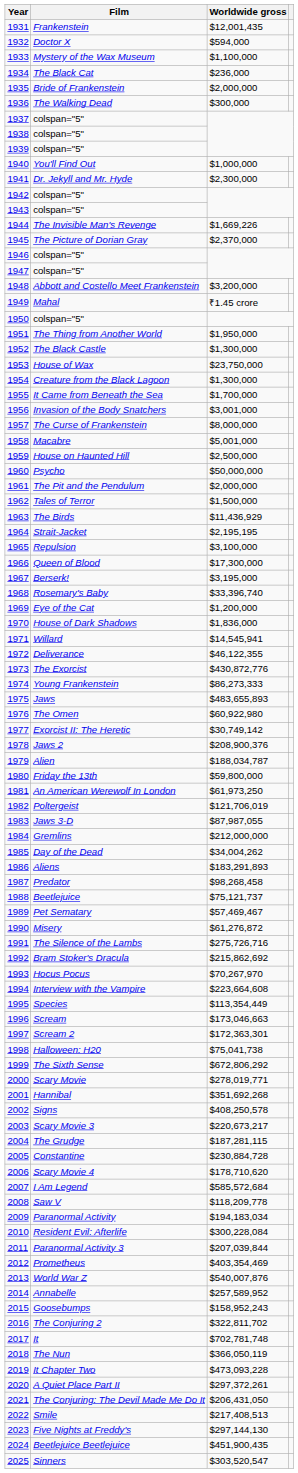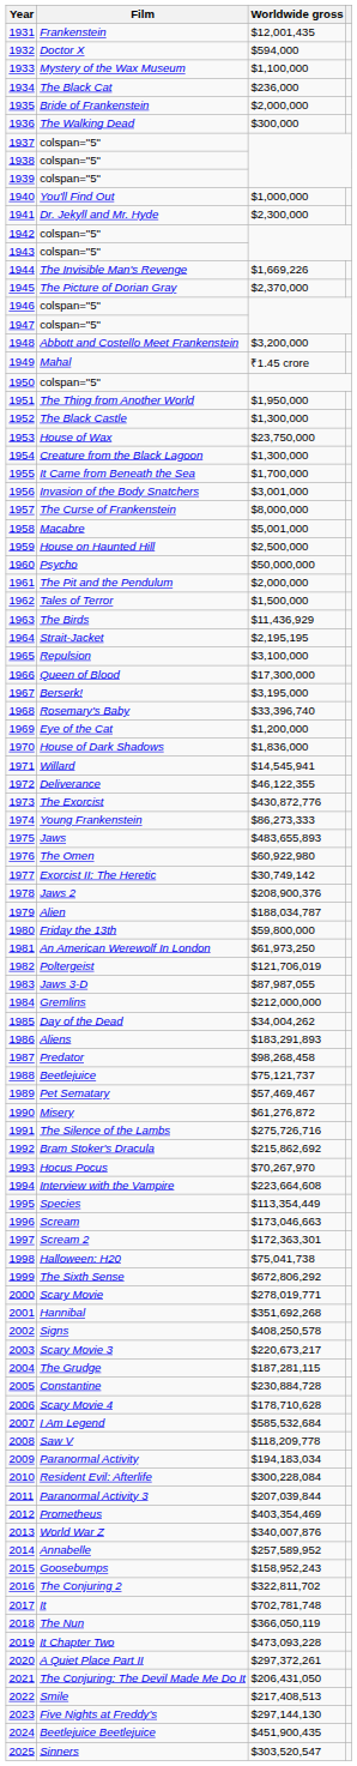 <table class="wikitable plainrowheaders" style="margin:auto; margin:auto;">
 <tr>
 <th>Year</th>
 <th>Film</th>
 <th>Worldwide gross</th>
 <th></th>
 </tr>
 <tr>
 <td><a href='#'>1931</a></td>
 <td><em><a href='#'>Frankenstein</a></em></td>
 <td>$12,001,435</td>
 <td></td>
 </tr>
 <tr>
 <td><a href='#'>1932</a></td>
 <td><em><a href='#'>Doctor X</a></em></td>
 <td>$594,000</td>
 <td></td>
 </tr>
 <tr>
 <td><a href='#'>1933</a></td>
 <td><em><a href='#'>Mystery of the Wax Museum</a></em></td>
 <td>$1,100,000</td>
 <td></td>
 </tr>
 <tr>
 <td><a href='#'>1934</a></td>
 <td><em><a href='#'>The Black Cat</a></em></td>
 <td>$236,000</td>
 <td></td>
 </tr>
 <tr>
 <td><a href='#'>1935</a></td>
 <td><em><a href='#'>Bride of Frankenstein</a></em></td>
 <td>$2,000,000</td>
 <td></td>
 </tr>
 <tr>
 <td><a href='#'>1936</a></td>
 <td><em><a href='#'>The Walking Dead</a></em></td>
 <td>$300,000</td>
 <td></td>
 </tr>
 <tr>
 <td><a href='#'>1937</a></td>
 <td>colspan="5" </td>
 </tr>
 <tr>
 <td><a href='#'>1938</a></td>
 <td>colspan="5" </td>
 </tr>
 <tr>
 <td><a href='#'>1939</a></td>
 <td>colspan="5" </td>
 </tr>
 <tr>
 <td><a href='#'>1940</a></td>
 <td><em><a href='#'>You'll Find Out</a></em></td>
 <td>$1,000,000</td>
 <td></td>
 </tr>
 <tr>
 <td><a href='#'>1941</a></td>
 <td><em><a href='#'>Dr. Jekyll and Mr. Hyde</a></em></td>
 <td>$2,300,000</td>
 <td></td>
 </tr>
 <tr>
 <td><a href='#'>1942</a></td>
 <td>colspan="5" </td>
 </tr>
 <tr>
 <td><a href='#'>1943</a></td>
 <td>colspan="5" </td>
 </tr>
 <tr>
 <td><a href='#'>1944</a></td>
 <td><em><a href='#'>The Invisible Man's Revenge</a></em></td>
 <td>$1,669,226</td>
 <td></td>
 </tr>
 <tr>
 <td><a href='#'>1945</a></td>
 <td><em><a href='#'>The Picture of Dorian Gray</a></em></td>
 <td>$2,370,000</td>
 <td></td>
 </tr>
 <tr>
 <td><a href='#'>1946</a></td>
 <td>colspan="5" </td>
 </tr>
 <tr>
 <td><a href='#'>1947</a></td>
 <td>colspan="5" </td>
 </tr>
 <tr>
 <td><a href='#'>1948</a></td>
 <td><em><a href='#'>Abbott and Costello Meet Frankenstein</a></em></td>
 <td>$3,200,000</td>
 <td></td>
 </tr>
 <tr>
 <td><a href='#'>1949</a></td>
 <td><em><a href='#'>Mahal</a></em></td>
 <td>₹1.45 crore</td>
 <td></td>
 </tr>
 <tr>
 <td><a href='#'>1950</a></td>
 <td>colspan="5" </td>
 </tr>
 <tr>
 <td><a href='#'>1951</a></td>
 <td><em><a href='#'>The Thing from Another World</a></em></td>
 <td>$1,950,000</td>
 <td></td>
 </tr>
 <tr>
 <td><a href='#'>1952</a></td>
 <td><em><a href='#'>The Black Castle</a></em></td>
 <td>$1,300,000</td>
 <td></td>
 </tr>
 <tr>
 <td><a href='#'>1953</a></td>
 <td><em><a href='#'>House of Wax</a></em></td>
 <td>$23,750,000</td>
 <td></td>
 </tr>
 <tr>
 <td><a href='#'>1954</a></td>
 <td><em><a href='#'>Creature from the Black Lagoon</a></em></td>
 <td>$1,300,000</td>
 <td></td>
 </tr>
 <tr>
 <td><a href='#'>1955</a></td>
 <td><em><a href='#'>It Came from Beneath the Sea</a></em></td>
 <td>$1,700,000</td>
 <td></td>
 </tr>
 <tr>
 <td><a href='#'>1956</a></td>
 <td><em><a href='#'>Invasion of the Body Snatchers</a></em></td>
 <td>$3,001,000</td>
 <td></td>
 </tr>
 <tr>
 <td><a href='#'>1957</a></td>
 <td><em><a href='#'>The Curse of Frankenstein</a></em></td>
 <td>$8,000,000</td>
 <td></td>
 </tr>
 <tr>
 <td><a href='#'>1958</a></td>
 <td><em><a href='#'>Macabre</a></em></td>
 <td>$5,001,000</td>
 <td></td>
 </tr>
 <tr>
 <td><a href='#'>1959</a></td>
 <td><em><a href='#'>House on Haunted Hill</a></em></td>
 <td>$2,500,000</td>
 <td></td>
 </tr>
 <tr>
 <td><a href='#'>1960</a></td>
 <td><em><a href='#'>Psycho</a></em></td>
 <td>$50,000,000</td>
 <td></td>
 </tr>
 <tr>
 <td><a href='#'>1961</a></td>
 <td><em><a href='#'>The Pit and the Pendulum</a></em></td>
 <td>$2,000,000</td>
 <td></td>
 </tr>
 <tr>
 <td><a href='#'>1962</a></td>
 <td><em><a href='#'>Tales of Terror</a></em></td>
 <td>$1,500,000</td>
 <td></td>
 </tr>
 <tr>
 <td><a href='#'>1963</a></td>
 <td><em><a href='#'>The Birds</a></em></td>
 <td>$11,436,929</td>
 <td></td>
 </tr>
 <tr>
 <td><a href='#'>1964</a></td>
 <td><em><a href='#'>Strait-Jacket</a></em></td>
 <td>$2,195,195</td>
 <td></td>
 </tr>
 <tr>
 <td><a href='#'>1965</a></td>
 <td><em><a href='#'>Repulsion</a></em></td>
 <td>$3,100,000</td>
 <td></td>
 </tr>
 <tr>
 <td><a href='#'>1966</a></td>
 <td><em><a href='#'>Queen of Blood</a></em></td>
 <td>$17,300,000</td>
 <td></td>
 </tr>
 <tr>
 <td><a href='#'>1967</a></td>
 <td><em><a href='#'>Berserk!</a></em></td>
 <td>$3,195,000</td>
 <td></td>
 </tr>
 <tr>
 <td><a href='#'>1968</a></td>
 <td><em><a href='#'>Rosemary's Baby</a></em></td>
 <td>$33,396,740</td>
 <td></td>
 </tr>
 <tr>
 <td><a href='#'>1969</a></td>
 <td><em><a href='#'>Eye of the Cat</a></em></td>
 <td>$1,200,000</td>
 <td></td>
 </tr>
 <tr>
 <td><a href='#'>1970</a></td>
 <td><em><a href='#'>House of Dark Shadows</a></em></td>
 <td>$1,836,000</td>
 <td></td>
 </tr>
 <tr>
 <td><a href='#'>1971</a></td>
 <td><em><a href='#'>Willard</a></em></td>
 <td>$14,545,941</td>
 <td></td>
 </tr>
 <tr>
 <td><a href='#'>1972</a></td>
 <td><em><a href='#'>Deliverance</a></em></td>
 <td>$46,122,355</td>
 <td></td>
 </tr>
 <tr>
 <td><a href='#'>1973</a></td>
 <td><em><a href='#'>The Exorcist</a></em></td>
 <td>$430,872,776</td>
 <td></td>
 </tr>
 <tr>
 <td><a href='#'>1974</a></td>
 <td><em><a href='#'>Young Frankenstein</a></em></td>
 <td>$86,273,333</td>
 <td></td>
 </tr>
 <tr>
 <td><a href='#'>1975</a></td>
 <td><em><a href='#'>Jaws</a></em></td>
 <td>$483,655,893</td>
 <td></td>
 </tr>
 <tr>
 <td><a href='#'>1976</a></td>
 <td><em><a href='#'>The Omen</a></em></td>
 <td>$60,922,980</td>
 <td></td>
 </tr>
 <tr>
 <td><a href='#'>1977</a></td>
 <td><em><a href='#'>Exorcist II: The Heretic</a></em></td>
 <td>$30,749,142</td>
 <td></td>
 </tr>
 <tr>
 <td><a href='#'>1978</a></td>
 <td><em><a href='#'>Jaws 2</a></em></td>
 <td>$208,900,376</td>
 <td></td>
 </tr>
 <tr>
 <td><a href='#'>1979</a></td>
 <td><em><a href='#'>Alien</a></em></td>
 <td>$188,034,787</td>
 <td></td>
 </tr>
 <tr>
 <td><a href='#'>1980</a></td>
 <td><em><a href='#'>Friday the 13th</a></em></td>
 <td>$59,800,000</td>
 <td></td>
 </tr>
 <tr>
 <td><a href='#'>1981</a></td>
 <td><em><a href='#'>An American Werewolf In London</a></em></td>
 <td>$61,973,250</td>
 <td></td>
 </tr>
 <tr>
 <td><a href='#'>1982</a></td>
 <td><em><a href='#'>Poltergeist</a></em></td>
 <td>$121,706,019</td>
 <td></td>
 </tr>
 <tr>
 <td><a href='#'>1983</a></td>
 <td><em><a href='#'>Jaws 3-D</a></em></td>
 <td>$87,987,055</td>
 <td></td>
 </tr>
 <tr>
 <td><a href='#'>1984</a></td>
 <td><em><a href='#'>Gremlins</a></em></td>
 <td>$212,000,000</td>
 <td></td>
 </tr>
 <tr>
 <td><a href='#'>1985</a></td>
 <td><em><a href='#'>Day of the Dead</a></em></td>
 <td>$34,004,262</td>
 <td></td>
 </tr>
 <tr>
 <td><a href='#'>1986</a></td>
 <td><em><a href='#'>Aliens</a></em></td>
 <td>$183,291,893</td>
 <td></td>
 </tr>
 <tr>
 <td><a href='#'>1987</a></td>
 <td><em><a href='#'>Predator</a></em></td>
 <td>$98,268,458</td>
 <td></td>
 </tr>
 <tr>
 <td><a href='#'>1988</a></td>
 <td><em><a href='#'>Beetlejuice</a></em></td>
 <td>$75,121,737</td>
 <td></td>
 </tr>
 <tr>
 <td><a href='#'>1989</a></td>
 <td><em><a href='#'>Pet Sematary</a></em></td>
 <td>$57,469,467</td>
 <td></td>
 </tr>
 <tr>
 <td><a href='#'>1990</a></td>
 <td><em><a href='#'>Misery</a></em></td>
 <td>$61,276,872</td>
 <td></td>
 </tr>
 <tr>
 <td><a href='#'>1991</a></td>
 <td><em><a href='#'>The Silence of the Lambs</a></em></td>
 <td>$275,726,716</td>
 <td></td>
 </tr>
 <tr>
 <td><a href='#'>1992</a></td>
 <td><em><a href='#'>Bram Stoker's Dracula</a></em></td>
 <td>$215,862,692</td>
 <td></td>
 </tr>
 <tr>
 <td><a href='#'>1993</a></td>
 <td><em><a href='#'>Hocus Pocus</a></em></td>
 <td>$70,267,970</td>
 <td></td>
 </tr>
 <tr>
 <td><a href='#'>1994</a></td>
 <td><em><a href='#'>Interview with the Vampire</a></em></td>
 <td>$223,664,608</td>
 <td></td>
 </tr>
 <tr>
 <td><a href='#'>1995</a></td>
 <td><em><a href='#'>Species</a></em></td>
 <td>$113,354,449</td>
 <td></td>
 </tr>
 <tr>
 <td><a href='#'>1996</a></td>
 <td><em><a href='#'>Scream</a></em></td>
 <td>$173,046,663</td>
 <td></td>
 </tr>
 <tr>
 <td><a href='#'>1997</a></td>
 <td><em><a href='#'>Scream 2</a></em></td>
 <td>$172,363,301</td>
 <td></td>
 </tr>
 <tr>
 <td><a href='#'>1998</a></td>
 <td><em><a href='#'>Halloween: H20</a></em></td>
 <td>$75,041,738</td>
 <td></td>
 </tr>
 <tr>
 <td><a href='#'>1999</a></td>
 <td><em><a href='#'>The Sixth Sense</a></em></td>
 <td>$672,806,292</td>
 <td></td>
 </tr>
 <tr>
 <td><a href='#'>2000</a></td>
 <td><em><a href='#'>Scary Movie</a></em></td>
 <td>$278,019,771</td>
 <td></td>
 </tr>
 <tr>
 <td><a href='#'>2001</a></td>
 <td><em><a href='#'>Hannibal</a></em></td>
 <td>$351,692,268</td>
 <td></td>
 </tr>
 <tr>
 <td><a href='#'>2002</a></td>
 <td><em><a href='#'>Signs</a></em></td>
 <td>$408,250,578</td>
 <td></td>
 </tr>
 <tr>
 <td><a href='#'>2003</a></td>
 <td><em><a href='#'>Scary Movie 3</a></em></td>
 <td>$220,673,217</td>
 <td></td>
 </tr>
 <tr>
 <td><a href='#'>2004</a></td>
 <td><em><a href='#'>The Grudge</a></em></td>
 <td>$187,281,115</td>
 <td></td>
 </tr>
 <tr>
 <td><a href='#'>2005</a></td>
 <td><em><a href='#'>Constantine</a></em></td>
 <td>$230,884,728</td>
 <td></td>
 </tr>
 <tr>
 <td><a href='#'>2006</a></td>
 <td><em><a href='#'>Scary Movie 4</a></em></td>
-<td>$178,710,620</td>
+<td>$178,710,628</td>
 <td></td>
 </tr>
 <tr>
 <td><a href='#'>2007</a></td>
 <td><em><a href='#'>I Am Legend</a></em></td>
-<td>$585,572,684</td>
+<td>$585,532,684</td>
 <td></td>
 </tr>
 <tr>
 <td><a href='#'>2008</a></td>
 <td><em><a href='#'>Saw V</a></em></td>
 <td>$118,209,778</td>
 <td></td>
 </tr>
 <tr>
 <td><a href='#'>2009</a></td>
 <td><em><a href='#'>Paranormal Activity</a></em></td>
 <td>$194,183,034</td>
 <td></td>
 </tr>
 <tr>
 <td><a href='#'>2010</a></td>
 <td><em><a href='#'>Resident Evil: Afterlife</a></em></td>
 <td>$300,228,084</td>
 <td></td>
 </tr>
 <tr>
 <td><a href='#'>2011</a></td>
 <td><em><a href='#'>Paranormal Activity 3</a></em></td>
 <td>$207,039,844</td>
 <td></td>
 </tr>
 <tr>
 <td><a href='#'>2012</a></td>
 <td><em><a href='#'>Prometheus</a></em></td>
 <td>$403,354,469</td>
 <td></td>
 </tr>
 <tr>
 <td><a href='#'>2013</a></td>
 <td><em><a href='#'>World War Z</a></em></td>
-<td>$540,007,876</td>
+<td>$340,007,876</td>
 <td></td>
 </tr>
 <tr>
 <td><a href='#'>2014</a></td>
 <td><em><a href='#'>Annabelle</a></em></td>
 <td>$257,589,952</td>
 <td></td>
 </tr>
 <tr>
 <td><a href='#'>2015</a></td>
 <td><em><a href='#'>Goosebumps</a></em></td>
 <td>$158,952,243</td>
 <td></td>
 </tr>
 <tr>
 <td><a href='#'>2016</a></td>
 <td><em><a href='#'>The Conjuring 2</a></em></td>
 <td>$322,811,702</td>
 <td></td>
 </tr>
 <tr>
 <td><a href='#'>2017</a></td>
 <td><em><a href='#'>It</a></em></td>
 <td>$702,781,748</td>
 <td></td>
 </tr>
 <tr>
 <td><a href='#'>2018</a></td>
 <td><em><a href='#'>The Nun</a></em></td>
 <td>$366,050,119</td>
 <td></td>
 </tr>
 <tr>
 <td><a href='#'>2019</a></td>
 <td><em><a href='#'>It Chapter Two</a></em></td>
 <td>$473,093,228</td>
 <td></td>
 </tr>
 <tr>
 <td><a href='#'>2020</a></td>
 <td><em><a href='#'>A Quiet Place Part II</a></em></td>
 <td>$297,372,261</td>
 <td></td>
 </tr>
 <tr>
 <td><a href='#'>2021</a></td>
 <td><em><a href='#'>The Conjuring: The Devil Made Me Do It</a></em></td>
 <td>$206,431,050</td>
 <td></td>
 </tr>
 <tr>
 <td><a href='#'>2022</a></td>
 <td><em><a href='#'>Smile</a></em></td>
 <td>$217,408,513</td>
 <td></td>
 </tr>
 <tr>
 <td><a href='#'>2023</a></td>
 <td><em><a href='#'>Five Nights at Freddy's</a></em></td>
 <td>$297,144,130</td>
 <td></td>
 </tr>
 <tr>
 <td><a href='#'>2024</a></td>
 <td><em><a href='#'>Beetlejuice Beetlejuice</a></em></td>
 <td>$451,900,435</td>
 <td></td>
 </tr>
 <tr>
 <td><a href='#'>2025</a></td>
 <td><em><a href='#'>Sinners</a></em></td>
 <td>$303,520,547</td>
 <td></td>
 </tr>
 </table>
